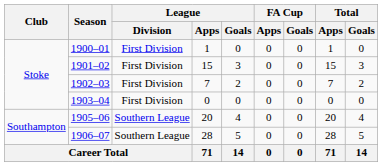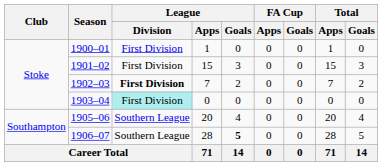 <table class="wikitable" style="text-align: center;">
 <tr>
 <th rowspan="2">Club</th>
 <th rowspan="2">Season</th>
 <th colspan="3">League</th>
 <th colspan="2">FA Cup</th>
 <th colspan="2">Total</th>
 </tr>
 <tr>
 <th>Division</th>
 <th>Apps</th>
 <th>Goals</th>
 <th>Apps</th>
 <th>Goals</th>
 <th>Apps</th>
 <th>Goals</th>
 </tr>
 <tr>
 <td rowspan="4"><a href='#'>Stoke</a></td>
 <td><a href='#'>1900–01</a></td>
 <td><a href='#'>First Division</a></td>
 <td>1</td>
 <td>0</td>
 <td>0</td>
 <td>0</td>
 <td>1</td>
 <td>0</td>
 </tr>
 <tr>
 <td><a href='#'>1901–02</a></td>
 <td>First Division</td>
 <td>15</td>
 <td>3</td>
 <td>0</td>
 <td>0</td>
 <td>15</td>
 <td>3</td>
 </tr>
 <tr>
 <td><a href='#'>1902–03</a></td>
-<td>First Division</td>
+<td><strong>First Division</strong></td>
 <td>7</td>
 <td>2</td>
 <td>0</td>
 <td>0</td>
 <td>7</td>
 <td>2</td>
 </tr>
 <tr>
 <td><a href='#'>1903–04</a></td>
-<td>First Division</td>
+<td style="background: paleturquoise;">First Division</td>
 <td>0</td>
 <td>0</td>
 <td>0</td>
 <td>0</td>
 <td>0</td>
 <td>0</td>
 </tr>
 <tr>
 <td rowspan="2"><a href='#'>Southampton</a></td>
 <td><a href='#'>1905–06</a></td>
 <td><a href='#'>Southern League</a></td>
 <td>20</td>
 <td>4</td>
 <td>0</td>
 <td>0</td>
 <td>20</td>
 <td>4</td>
 </tr>
 <tr>
 <td><a href='#'>1906–07</a></td>
 <td>Southern League</td>
 <td>28</td>
-<td>5</td>
+<td><strong>5</strong></td>
 <td>0</td>
 <td>0</td>
 <td>28</td>
 <td>5</td>
 </tr>
 <tr>
 <th colspan="3">Career Total</th>
 <th>71</th>
 <th>14</th>
 <th>0</th>
 <th>0</th>
 <th>71</th>
 <th>14</th>
 </tr>
 </table>
